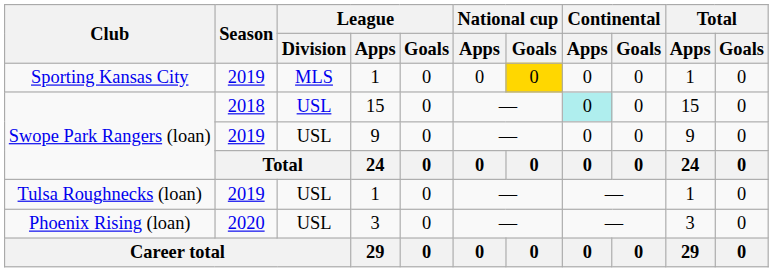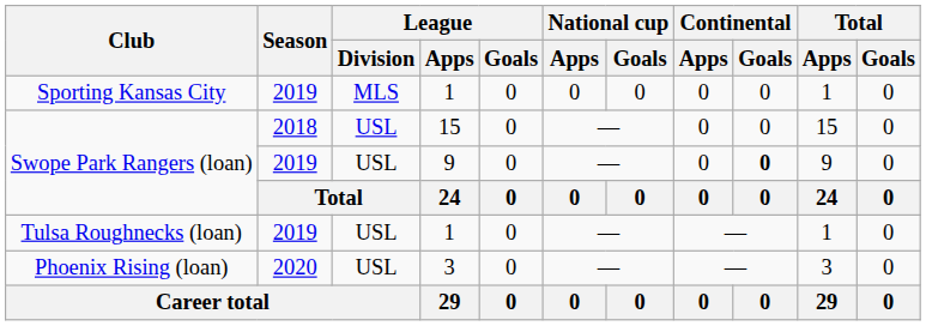 <table class="wikitable" style="text-align:center">
 <tr>
 <th rowspan="2">Club</th>
 <th rowspan="2">Season</th>
 <th colspan="3">League</th>
 <th colspan="2">National cup</th>
 <th colspan="2">Continental</th>
 <th colspan="2">Total</th>
 </tr>
 <tr>
 <th>Division</th>
 <th>Apps</th>
 <th>Goals</th>
 <th>Apps</th>
 <th>Goals</th>
 <th>Apps</th>
 <th>Goals</th>
 <th>Apps</th>
 <th>Goals</th>
 </tr>
 <tr>
 <td><a href='#'>Sporting Kansas City</a></td>
 <td><a href='#'>2019</a></td>
 <td><a href='#'>MLS</a></td>
 <td>1</td>
 <td>0</td>
 <td>0</td>
-<td style="background: gold;">0</td>
+<td>0</td>
 <td>0</td>
 <td>0</td>
 <td>1</td>
 <td>0</td>
 </tr>
 <tr>
 <td rowspan="3"><a href='#'>Swope Park Rangers</a> (loan)</td>
 <td><a href='#'>2018</a></td>
 <td><a href='#'>USL</a></td>
 <td>15</td>
 <td>0</td>
 <td colspan="2">—</td>
-<td style="background: paleturquoise;">0</td>
+<td>0</td>
 <td>0</td>
 <td>15</td>
 <td>0</td>
 </tr>
 <tr>
 <td><a href='#'>2019</a></td>
 <td>USL</td>
 <td>9</td>
 <td>0</td>
 <td colspan="2">—</td>
 <td>0</td>
-<td>0</td>
+<td><strong>0</strong></td>
 <td>9</td>
 <td>0</td>
 </tr>
 <tr>
 <th colspan="2">Total</th>
 <th>24</th>
 <th>0</th>
 <th>0</th>
 <th>0</th>
 <th>0</th>
 <th>0</th>
 <th>24</th>
 <th>0</th>
 </tr>
 <tr>
 <td><a href='#'>Tulsa Roughnecks</a> (loan)</td>
 <td><a href='#'>2019</a></td>
 <td>USL</td>
 <td>1</td>
 <td>0</td>
 <td colspan="2">—</td>
 <td colspan="2">—</td>
 <td>1</td>
 <td>0</td>
 </tr>
 <tr>
 <td><a href='#'>Phoenix Rising</a> (loan)</td>
 <td><a href='#'>2020</a></td>
 <td>USL</td>
 <td>3</td>
 <td>0</td>
 <td colspan="2">—</td>
 <td colspan="2">—</td>
 <td>3</td>
 <td>0</td>
 </tr>
 <tr>
 <th colspan="3">Career total</th>
 <th>29</th>
 <th>0</th>
 <th>0</th>
 <th>0</th>
 <th>0</th>
 <th>0</th>
 <th>29</th>
 <th>0</th>
 </tr>
 </table>
